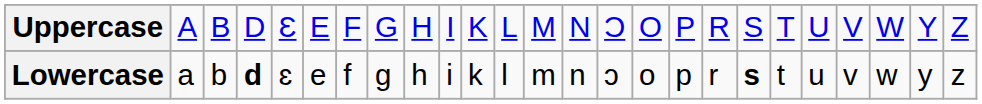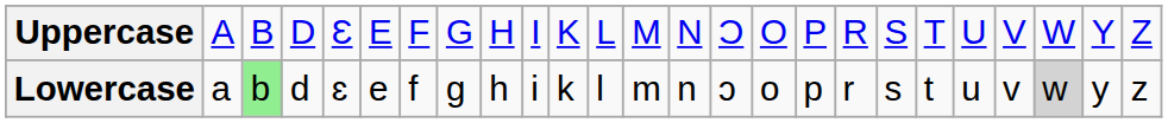 <table class="wikitable">
 <tr>
 <th>Uppercase</th>
 <td><a href='#'>A</a></td>
 <td><a href='#'>B</a></td>
 <td><a href='#'>D</a></td>
 <td><a href='#'>Ɛ</a></td>
 <td><a href='#'>E</a></td>
 <td><a href='#'>F</a></td>
 <td><a href='#'>G</a></td>
 <td><a href='#'>H</a></td>
 <td><a href='#'>I</a></td>
 <td><a href='#'>K</a></td>
 <td><a href='#'>L</a></td>
 <td><a href='#'>M</a></td>
 <td><a href='#'>N</a></td>
 <td><a href='#'>Ɔ</a></td>
 <td><a href='#'>O</a></td>
 <td><a href='#'>P</a></td>
 <td><a href='#'>R</a></td>
 <td><a href='#'>S</a></td>
 <td><a href='#'>T</a></td>
 <td><a href='#'>U</a></td>
 <td><a href='#'>V</a></td>
 <td><a href='#'>W</a></td>
 <td><a href='#'>Y</a></td>
 <td><a href='#'>Z</a></td>
 </tr>
 <tr>
 <th>Lowercase</th>
 <td>a</td>
-<td>b</td>
-<td><strong>d</strong></td>
+<td style="background: lightgreen;">b</td>
+<td>d</td>
 <td>ɛ</td>
 <td>e</td>
 <td>f</td>
 <td>g</td>
 <td>h</td>
 <td>i</td>
 <td>k</td>
 <td>l</td>
 <td>m</td>
 <td>n</td>
 <td>ɔ</td>
 <td>o</td>
 <td>p</td>
 <td>r</td>
-<td><strong>s</strong></td>
+<td>s</td>
 <td>t</td>
 <td>u</td>
 <td>v</td>
-<td>w</td>
+<td style="background: lightgrey;">w</td>
 <td>y</td>
 <td>z</td>
 </tr>
 </table>
